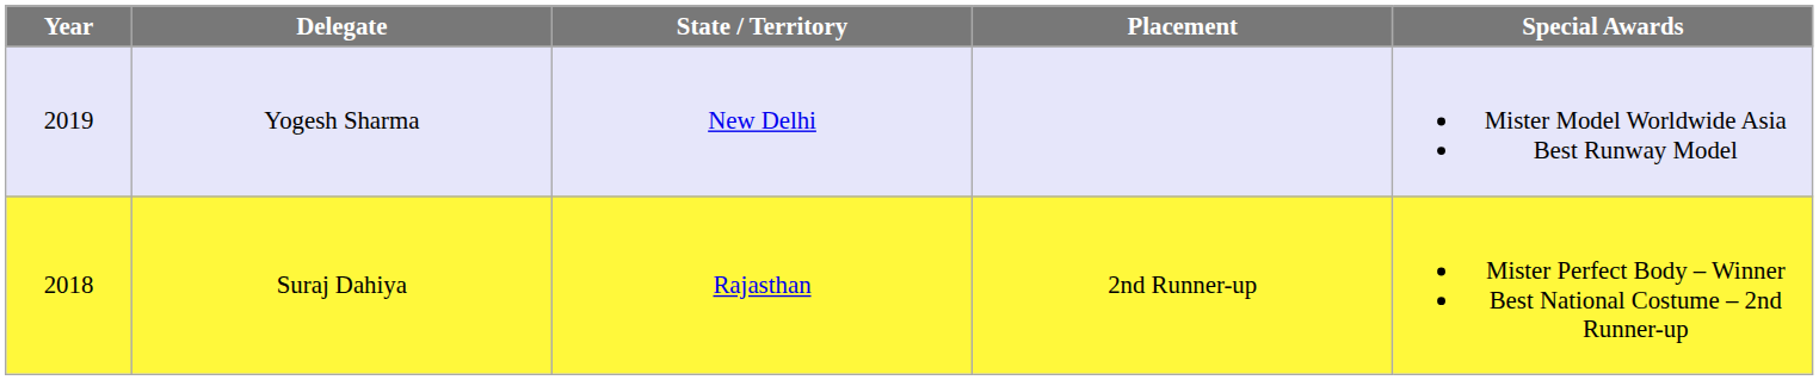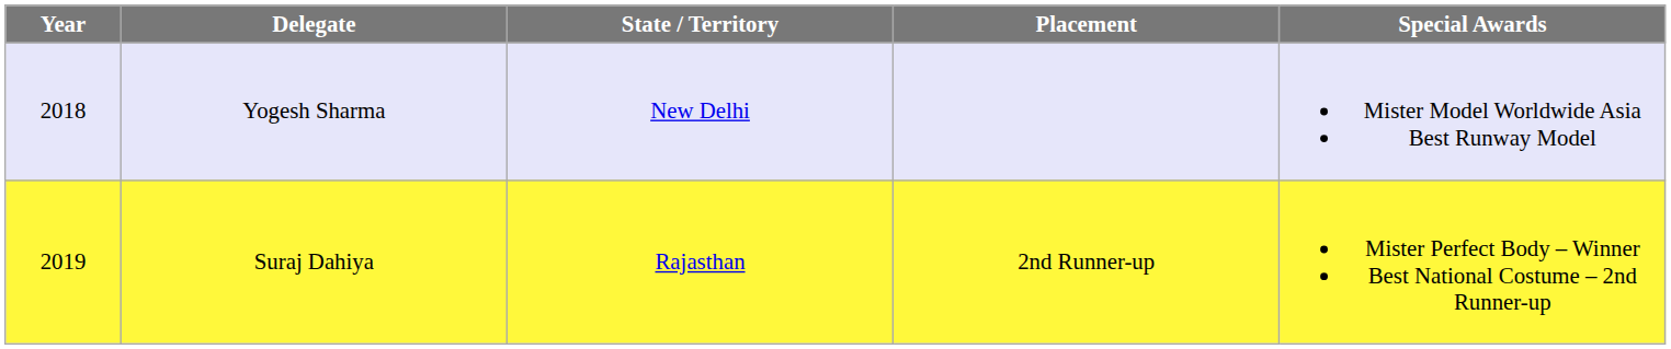 <table class="wikitable sortable" style="font-size: 95%; text-align:center">
 <tr>
 <th width="70" style="background-color:#787878;color:#FFFFFF;">Year</th>
 <th width="250" style="background-color:#787878;color:#FFFFFF;">Delegate</th>
 <th width="250" style="background-color:#787878;color:#FFFFFF;">State / Territory</th>
 <th width="250" style="background-color:#787878;color:#FFFFFF;">Placement</th>
 <th width="250" style="background-color:#787878;color:#FFFFFF;">Special Awards</th>
 </tr>
 <tr style="background-color:lavender;">
-<td> 2019</td>
+<td> 2018</td>
 <td>Yogesh Sharma</td>
 <td><a href='#'>New Delhi</a></td>
 <td></td>
 <td><br><ul><li>Mister Model Worldwide Asia</li><li>Best Runway Model</li></ul></td>
 </tr>
 <tr style="background:#FFF83B;">
-<td> 2018</td>
+<td> 2019</td>
 <td>Suraj Dahiya</td>
 <td><a href='#'>Rajasthan</a></td>
 <td>2nd Runner-up</td>
 <td><br><ul><li>Mister Perfect Body – Winner</li><li>Best National Costume – 2nd Runner-up</li></ul></td>
 </tr>
 </table>
